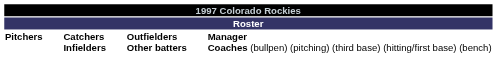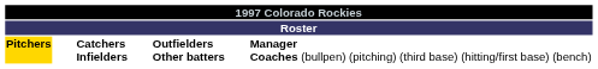 <table class="toccolours" style="font-size: 95%;">
 <tr>
 <th colspan="10" style="background:#000000; color:#C4CED4; text-align:center;">1997 Colorado Rockies</th>
 </tr>
 <tr>
 <td colspan="10" style="background:#333366; color:#FFFFFF; text-align:center;"><strong>Roster</strong></td>
 </tr>
 <tr>
-<td valign="top"><strong>Pitchers</strong><br>                      </td>
+<td valign="top" style="background: gold;"><strong>Pitchers</strong><br>                      </td>
 <td style="width:25px;"></td>
 <td valign="top"><strong>Catchers</strong><br>  <strong>Infielders</strong>         </td>
 <td style="width:25px;"></td>
 <td valign="top"><strong>Outfielders</strong><br>        <strong>Other batters</strong> </td>
 <td style="width:25px;"></td>
 <td valign="top"><strong>Manager</strong><br> <strong>Coaches</strong>  (bullpen)  (pitching)  (third base)  (hitting/first base)  (bench)</td>
 </tr>
 </table>
